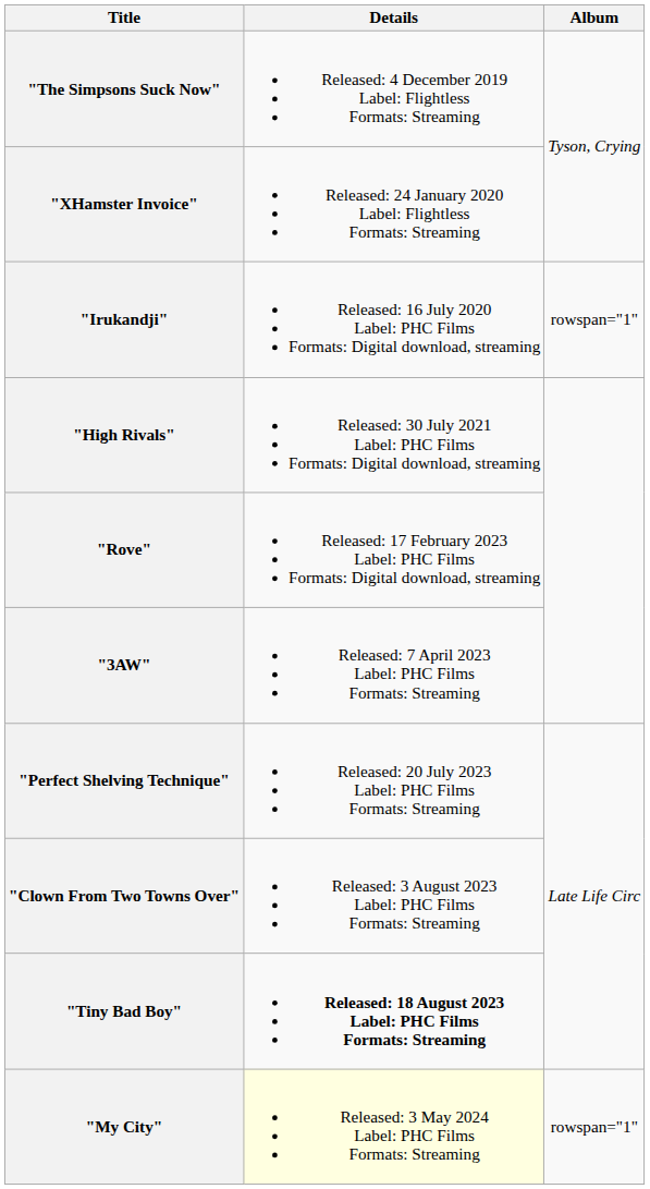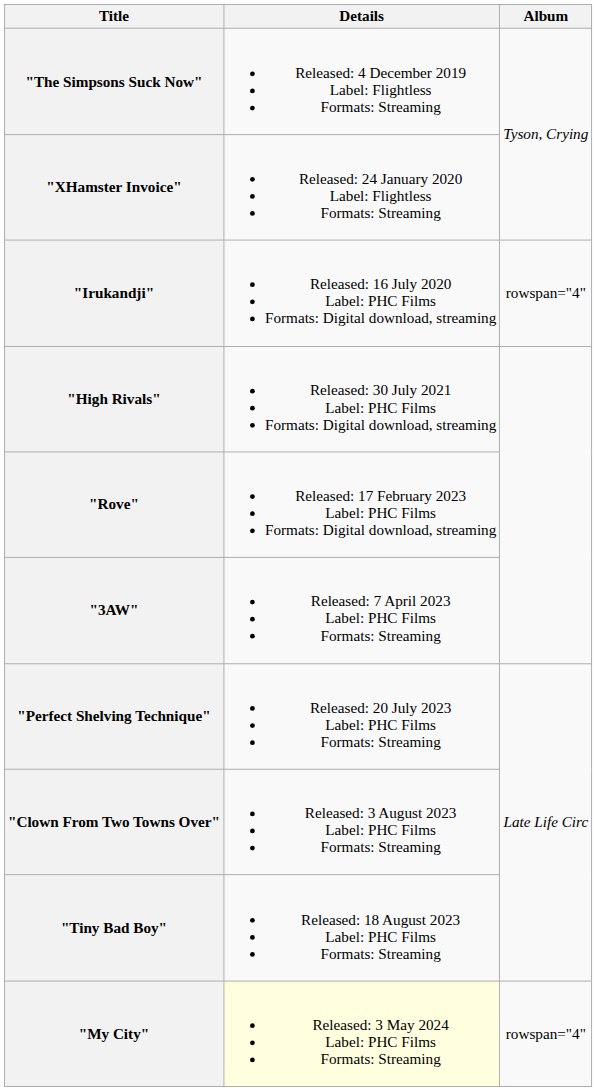 <table class="wikitable plainrowheaders" style="text-align:center;">
 <tr>
 <th scope="col">Title</th>
 <th scope="col">Details</th>
 <th scope="col">Album</th>
 </tr>
 <tr>
 <th scope="row">"The Simpsons Suck Now"</th>
 <td><br><ul><li>Released: 4 December 2019</li><li>Label: Flightless</li><li>Formats: Streaming</li></ul></td>
 <td rowspan="2"><em>Tyson, Crying</em></td>
 </tr>
 <tr>
 <th scope="row">"XHamster Invoice"</th>
 <td><br><ul><li>Released: 24 January 2020</li><li>Label: Flightless</li><li>Formats: Streaming</li></ul></td>
 </tr>
 <tr>
 <th scope="row">"Irukandji"</th>
 <td><br><ul><li>Released: 16 July 2020</li><li>Label: PHC Films</li><li>Formats: Digital download, streaming</li></ul></td>
-<td>rowspan="1" </td>
+<td>rowspan="4" </td>
 </tr>
 <tr>
 <th scope="row">"High Rivals"</th>
 <td><br><ul><li>Released: 30 July 2021</li><li>Label: PHC Films</li><li>Formats: Digital download, streaming</li></ul></td>
 </tr>
 <tr>
 <th scope="row">"Rove"</th>
 <td><br><ul><li>Released: 17 February 2023</li><li>Label: PHC Films</li><li>Formats: Digital download, streaming</li></ul></td>
 </tr>
 <tr>
 <th scope="row">"3AW"</th>
 <td><br><ul><li>Released: 7 April 2023</li><li>Label: PHC Films</li><li>Formats: Streaming</li></ul></td>
 </tr>
 <tr>
 <th scope="row">"Perfect Shelving Technique"</th>
 <td><br><ul><li>Released: 20 July 2023</li><li>Label: PHC Films</li><li>Formats: Streaming</li></ul></td>
 <td rowspan="3"><em>Late Life Circ</em></td>
 </tr>
 <tr>
 <th scope="row">"Clown From Two Towns Over"</th>
 <td><br><ul><li>Released: 3 August 2023</li><li>Label: PHC Films</li><li>Formats: Streaming</li></ul></td>
 </tr>
 <tr>
 <th scope="row">"Tiny Bad Boy"</th>
-<td><strong><br><ul><li>Released: 18 August 2023</li><li>Label: PHC Films</li><li>Formats: Streaming</li></ul></strong></td>
+<td><br><ul><li>Released: 18 August 2023</li><li>Label: PHC Films</li><li>Formats: Streaming</li></ul></td>
 </tr>
 <tr>
 <th scope="row">"My City"</th>
 <td style="background: lightyellow;"><br><ul><li>Released: 3 May 2024</li><li>Label: PHC Films</li><li>Formats: Streaming</li></ul></td>
-<td>rowspan="1" </td>
+<td>rowspan="4" </td>
 </tr>
 </table>
